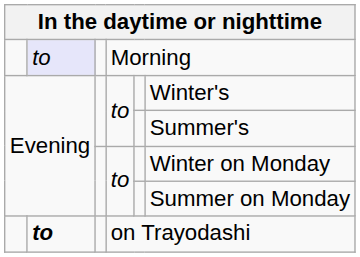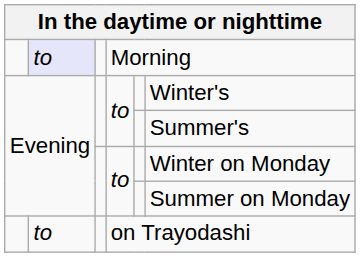 <table class="wikitable sortable">
 <tr>
 <th colspan="6">In the daytime or nighttime</th>
 </tr>
 <tr>
 <td></td>
 <td style="background: lavender;"><em>to</em></td>
 <td></td>
 <td colspan="3">Morning</td>
 </tr>
 <tr>
 <td colspan="2" rowspan="4">Evening</td>
 <td rowspan="2"></td>
 <td rowspan="2"><em>to</em></td>
 <td></td>
 <td>Winter's</td>
 </tr>
 <tr>
 <td></td>
 <td>Summer's</td>
 </tr>
 <tr>
 <td rowspan="2"></td>
 <td rowspan="2"><em>to</em></td>
 <td></td>
 <td>Winter on Monday</td>
 </tr>
 <tr>
 <td></td>
 <td>Summer on Monday</td>
 </tr>
 <tr>
 <td></td>
-<td><strong><em>to</em></strong></td>
+<td><em>to</em></td>
 <td></td>
 <td colspan="3">on Trayodashi</td>
 </tr>
 </table>
